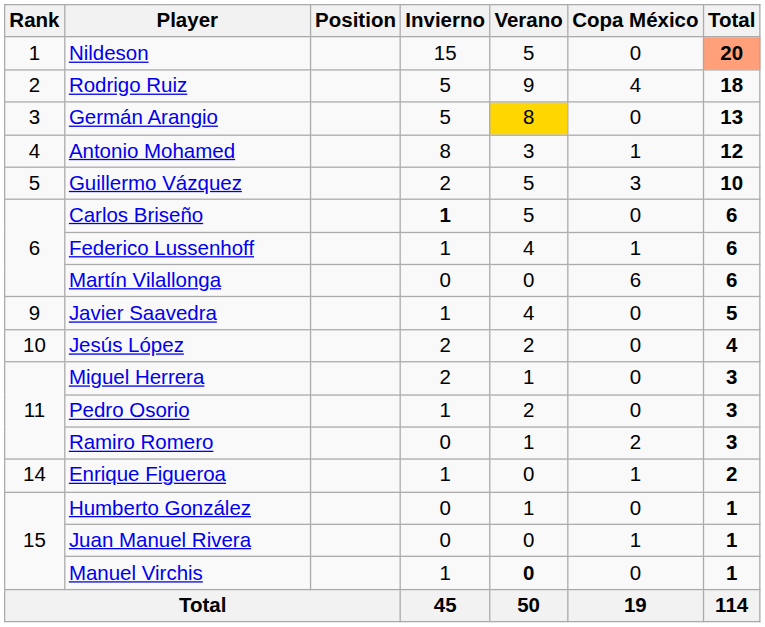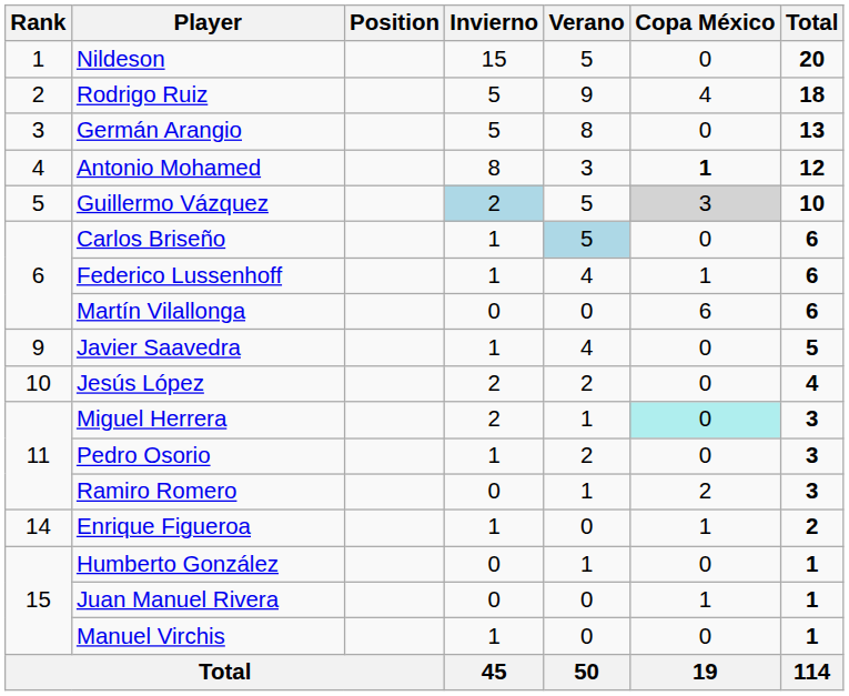 <table class="wikitable">
 <tr>
 <th>Rank</th>
 <th style="width:185px;">Player</th>
 <th>Position</th>
 <th>Invierno</th>
 <th>Verano</th>
 <th>Copa México</th>
 <th>Total</th>
 </tr>
 <tr>
 <td align=center>1</td>
 <td> <a href='#'>Nildeson</a></td>
 <td align=center></td>
 <td align=center>15</td>
 <td align=center>5</td>
 <td align=center>0</td>
-<td align=center style="background: lightsalmon;"><strong>20</strong></td>
+<td align=center><strong>20</strong></td>
 </tr>
 <tr>
 <td align=center>2</td>
 <td> <a href='#'>Rodrigo Ruiz</a></td>
 <td align=center></td>
 <td align=center>5</td>
 <td align=center>9</td>
 <td align=center>4</td>
 <td align=center><strong>18</strong></td>
 </tr>
 <tr>
 <td align=center>3</td>
 <td> <a href='#'>Germán Arangio</a></td>
 <td align=center></td>
 <td align=center>5</td>
-<td align=center style="background: gold;">8</td>
+<td align=center>8</td>
 <td align=center>0</td>
 <td align=center><strong>13</strong></td>
 </tr>
 <tr>
 <td align=center>4</td>
 <td> <a href='#'>Antonio Mohamed</a></td>
 <td align=center></td>
 <td align=center>8</td>
 <td align=center>3</td>
-<td align=center>1</td>
+<td align=center><strong>1</strong></td>
 <td align=center><strong>12</strong></td>
 </tr>
 <tr>
 <td align=center>5</td>
 <td> <a href='#'>Guillermo Vázquez</a></td>
 <td align=center></td>
-<td align=center>2</td>
+<td align=center style="background: lightblue;">2</td>
 <td align=center>5</td>
-<td align=center>3</td>
+<td align=center style="background: lightgrey;">3</td>
 <td align=center><strong>10</strong></td>
 </tr>
 <tr>
 <td align=center rowspan=3>6</td>
 <td> <a href='#'>Carlos Briseño</a></td>
 <td align=center></td>
-<td align=center><strong>1</strong></td>
-<td align=center>5</td>
+<td align=center>1</td>
+<td align=center style="background: lightblue;">5</td>
 <td align=center>0</td>
 <td align=center><strong>6</strong></td>
 </tr>
 <tr>
 <td> <a href='#'>Federico Lussenhoff</a></td>
 <td align=center></td>
 <td align=center>1</td>
 <td align=center>4</td>
 <td align=center>1</td>
 <td align=center><strong>6</strong></td>
 </tr>
 <tr>
 <td> <a href='#'>Martín Vilallonga</a></td>
 <td align=center></td>
 <td align=center>0</td>
 <td align=center>0</td>
 <td align=center>6</td>
 <td align=center><strong>6</strong></td>
 </tr>
 <tr>
 <td align=center>9</td>
 <td> <a href='#'>Javier Saavedra</a></td>
 <td align=center></td>
 <td align=center>1</td>
 <td align=center>4</td>
 <td align=center>0</td>
 <td align=center><strong>5</strong></td>
 </tr>
 <tr>
 <td align=center>10</td>
 <td> <a href='#'>Jesús López</a></td>
 <td align=center></td>
 <td align=center>2</td>
 <td align=center>2</td>
 <td align=center>0</td>
 <td align=center><strong>4</strong></td>
 </tr>
 <tr>
 <td align=center rowspan=3>11</td>
 <td> <a href='#'>Miguel Herrera</a></td>
 <td align=center></td>
 <td align=center>2</td>
 <td align=center>1</td>
-<td align=center>0</td>
+<td align=center style="background: paleturquoise;">0</td>
 <td align=center><strong>3</strong></td>
 </tr>
 <tr>
 <td> <a href='#'>Pedro Osorio</a></td>
 <td align=center></td>
 <td align=center>1</td>
 <td align=center>2</td>
 <td align=center>0</td>
 <td align=center><strong>3</strong></td>
 </tr>
 <tr>
 <td> <a href='#'>Ramiro Romero</a></td>
 <td align=center></td>
 <td align=center>0</td>
 <td align=center>1</td>
 <td align=center>2</td>
 <td align=center><strong>3</strong></td>
 </tr>
 <tr>
 <td align=center>14</td>
 <td> <a href='#'>Enrique Figueroa</a></td>
 <td align=center></td>
 <td align=center>1</td>
 <td align=center>0</td>
 <td align=center>1</td>
 <td align=center><strong>2</strong></td>
 </tr>
 <tr>
 <td align=center rowspan=3>15</td>
 <td> <a href='#'>Humberto González</a></td>
 <td align=center></td>
 <td align=center>0</td>
 <td align=center>1</td>
 <td align=center>0</td>
 <td align=center><strong>1</strong></td>
 </tr>
 <tr>
 <td> <a href='#'>Juan Manuel Rivera</a></td>
 <td align=center></td>
 <td align=center>0</td>
 <td align=center>0</td>
 <td align=center>1</td>
 <td align=center><strong>1</strong></td>
 </tr>
 <tr>
 <td> <a href='#'>Manuel Virchis</a></td>
 <td align=center></td>
 <td align=center>1</td>
-<td align=center><strong>0</strong></td>
+<td align=center>0</td>
 <td align=center>0</td>
 <td align=center><strong>1</strong></td>
 </tr>
 <tr>
 <th align=center colspan=3>Total</th>
 <th align=center>45</th>
 <th align=center>50</th>
 <th align=center>19</th>
 <th align=center>114</th>
 </tr>
 </table>
